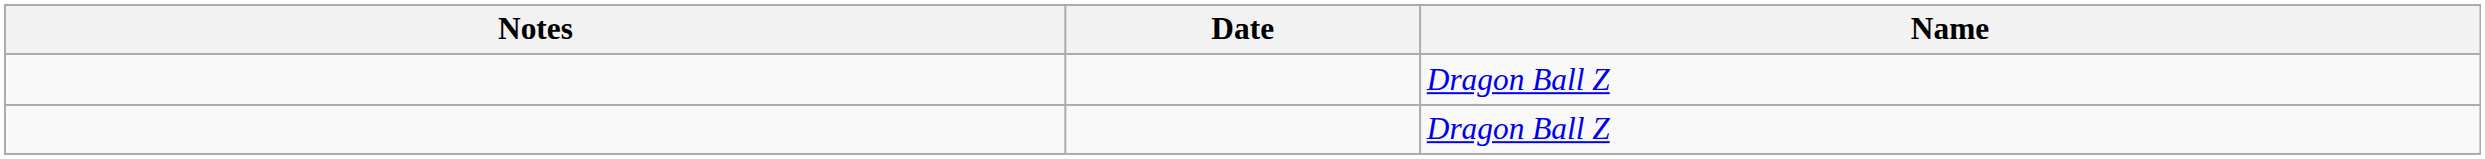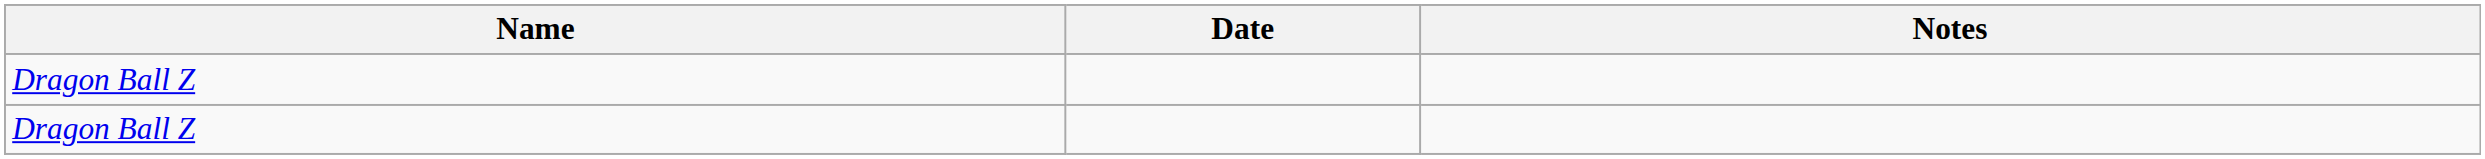 <table class="wikitable sortable" style="margin:left; text-align: left; width: 100%;">
 <tr>
+<th width=30%>Name</th>
+<th width=10%>Date</th>
 <th width=30% class="unsortable">Notes</th>
-<th width=10%>Date</th>
-<th width=30%>Name</th>
 </tr>
 <tr>
+<td style="font-style:italic;"><a href='#'>Dragon Ball Z</a></td>
+<td style="text-align:center;"></td>
 <td></td>
-<td style="text-align:center;"></td>
-<td style="font-style:italic;"><a href='#'>Dragon Ball Z</a></td>
 </tr>
 <tr>
+<td style="font-style:italic;"><a href='#'>Dragon Ball Z</a></td>
+<td style="text-align:center;"></td>
 <td></td>
-<td style="text-align:center;"></td>
-<td style="font-style:italic;"><a href='#'>Dragon Ball Z</a></td>
 </tr>
 </table>
